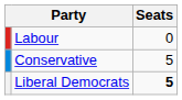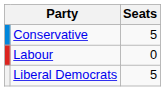 <table class="wikitable">
 <tr>
 <th colspan=2>Party</th>
 <th>Seats</th>
+</tr>
+<tr>
+<th style="background-color: #0087DC"></th>
+<td><a href='#'>Conservative</a></td>
+<td align=right>5</td>
 </tr>
 <tr>
 <th style="background-color: #DC241f"></th>
 <td><a href='#'>Labour</a></td>
 <td align=right>0</td>
 </tr>
 <tr>
-<th style="background-color: #0087DC"></th>
-<td><a href='#'>Conservative</a></td>
+<th style="background-color: "></th>
+<td><a href='#'>Liberal Democrats</a></td>
 <td align=right>5</td>
 </tr>
-<tr>
-<th style="background-color: "></th>
-<td><a href='#'>Liberal Democrats</a></td>
-<td align=right><strong>5</strong></td>
-</tr>
 </table>
